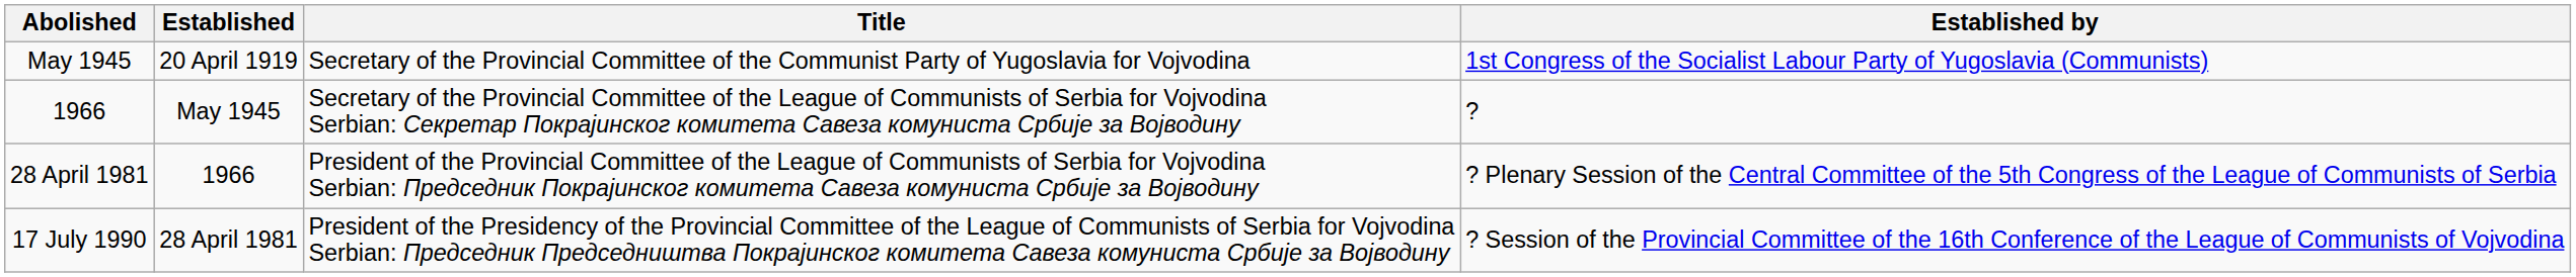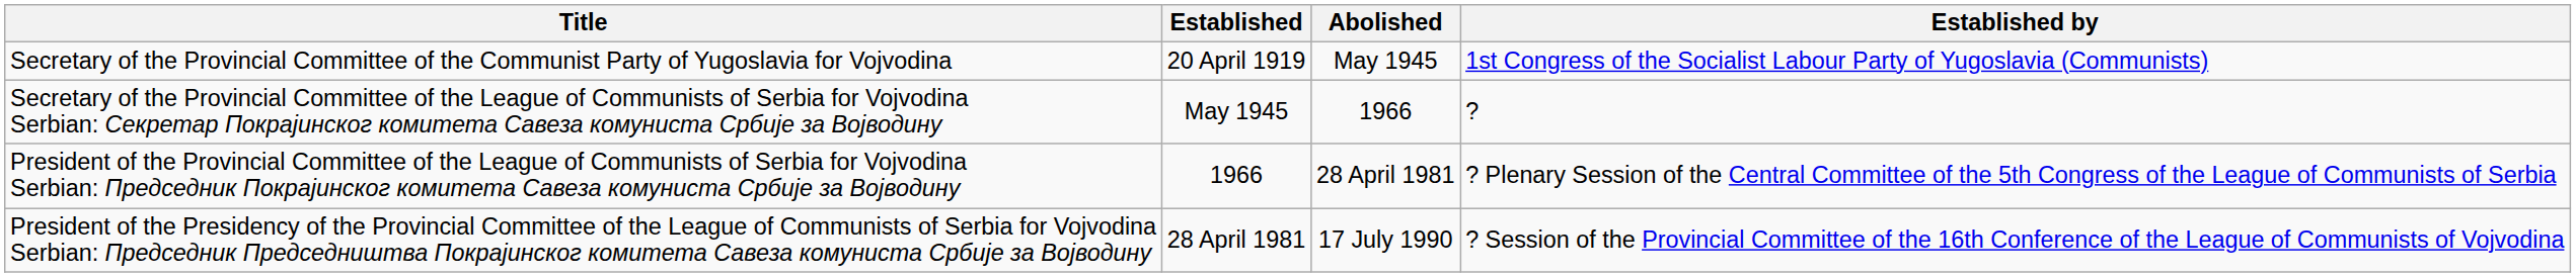 <table class="wikitable sortable">
 <tr>
+<th scope=col>Title</th>
+<th scope=col>Established</th>
 <th scope=col>Abolished</th>
-<th scope=col>Established</th>
-<th scope=col>Title</th>
 <th scope=col>Established by</th>
 </tr>
 <tr>
+<td>Secretary of the Provincial Committee of the Communist Party of Yugoslavia for Vojvodina<br></td>
+<td align="center">20 April 1919</td>
 <td align="center">May 1945</td>
-<td align="center">20 April 1919</td>
-<td>Secretary of the Provincial Committee of the Communist Party of Yugoslavia for Vojvodina<br></td>
 <td><a href='#'>1st Congress of the Socialist Labour Party of Yugoslavia (Communists)</a></td>
 </tr>
 <tr>
+<td>Secretary of the Provincial Committee of the League of Communists of Serbia for Vojvodina<br>Serbian: <em>Секретар Покрајинског комитета Савеза комуниста Србије за Војводину</em></td>
+<td align="center">May 1945</td>
 <td align="center">1966</td>
-<td align="center">May 1945</td>
-<td>Secretary of the Provincial Committee of the League of Communists of Serbia for Vojvodina<br>Serbian: <em>Секретар Покрајинског комитета Савеза комуниста Србије за Војводину</em></td>
 <td>?</td>
 </tr>
 <tr>
+<td>President of the Provincial Committee of the League of Communists of Serbia for Vojvodina<br>Serbian: <em>Председник Покрајинског комитета Савеза комуниста Србије за Војводину</em></td>
+<td align="center">1966</td>
 <td align="center">28 April 1981</td>
-<td align="center">1966</td>
-<td>President of the Provincial Committee of the League of Communists of Serbia for Vojvodina<br>Serbian: <em>Председник Покрајинског комитета Савеза комуниста Србије за Војводину</em></td>
 <td>? Plenary Session of the <a href='#'>Central Committee of the 5th Congress of the League of Communists of Serbia</a></td>
 </tr>
 <tr>
+<td>President of the Presidency of the Provincial Committee of the League of Communists of Serbia for Vojvodina<br>Serbian: <em>Председник Председништва Покрајинског комитета Савеза комуниста Србије за Војводину</em></td>
+<td align="center">28 April 1981</td>
 <td align="center">17 July 1990</td>
-<td align="center">28 April 1981</td>
-<td>President of the Presidency of the Provincial Committee of the League of Communists of Serbia for Vojvodina<br>Serbian: <em>Председник Председништва Покрајинског комитета Савеза комуниста Србије за Војводину</em></td>
 <td>? Session of the <a href='#'>Provincial Committee of the 16th Conference of the League of Communists of Vojvodina</a></td>
 </tr>
 </table>
